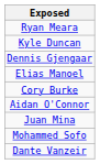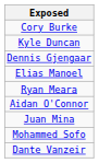 <table class="wikitable" style="text-align:center">
 <tr>
 <th>Exposed</th>
 </tr>
 <tr>
-<td><a href='#'>Ryan Meara</a></td>
+<td><a href='#'>Cory Burke</a></td>
 </tr>
 <tr>
 <td><a href='#'>Kyle Duncan</a></td>
 </tr>
 <tr>
 <td><a href='#'>Dennis Gjengaar</a></td>
 </tr>
 <tr>
 <td><a href='#'>Elias Manoel</a></td>
 </tr>
 <tr>
-<td><a href='#'>Cory Burke</a></td>
+<td><a href='#'>Ryan Meara</a></td>
 </tr>
 <tr>
 <td><a href='#'>Aidan O'Connor</a></td>
 </tr>
 <tr>
 <td><a href='#'>Juan Mina</a></td>
 </tr>
 <tr>
 <td><a href='#'>Mohammed Sofo</a></td>
 </tr>
 <tr>
 <td><a href='#'>Dante Vanzeir</a></td>
 </tr>
 </table>
